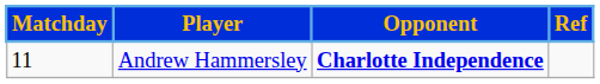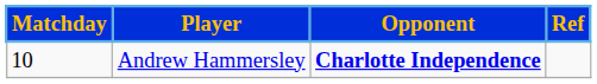 <table class=wikitable>
 <tr>
 <th style="background:#002ED9; color:#FCC108; border:2px solid #5FAFE4;">Matchday</th>
 <th style="background:#002ED9; color:#FCC108; border:2px solid #5FAFE4;">Player</th>
 <th style="background:#002ED9; color:#FCC108; border:2px solid #5FAFE4;">Opponent</th>
 <th style="background:#002ED9; color:#FCC108; border:2px solid #5FAFE4;">Ref</th>
 </tr>
 <tr>
-<td>11</td>
+<td>10</td>
 <td> <a href='#'>Andrew Hammersley</a></td>
 <td><strong><a href='#'>Charlotte Independence</a></strong></td>
 <td></td>
 </tr>
 <tr>
 </tr>
 </table>
